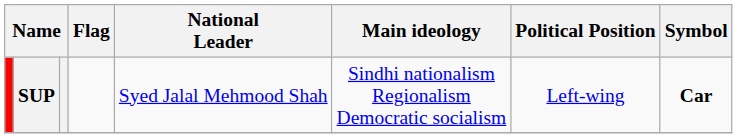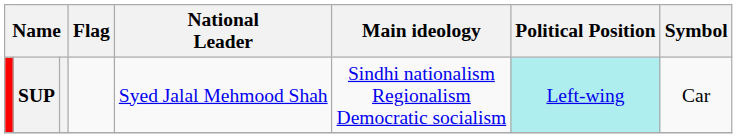 <table class="wikitable sortable">
 <tr>
 <th colspan="3">Name</th>
 <th>Flag</th>
 <th>National<br>Leader</th>
 <th>Main ideology</th>
 <th>Political Position</th>
 <th>Symbol</th>
 </tr>
 <tr>
 <th style="background:red;"></th>
 <th style="text-align:center;">SUP</th>
 <th style="text-align:center;"></th>
 <td></td>
 <td style="text-align:center;"><a href='#'>Syed Jalal Mehmood Shah</a></td>
 <td style="text-align:center;"><a href='#'>Sindhi nationalism</a><br><a href='#'>Regionalism</a><br><a href='#'>Democratic socialism</a></td>
-<td style="text-align:center;"><a href='#'>Left-wing</a></td>
-<td style="text-align:center;"><strong>Car</strong></td>
+<td style="background: paleturquoise; text-align:center;"><a href='#'>Left-wing</a></td>
+<td style="text-align:center;">Car</td>
 </tr>
 <tr>
 </tr>
 </table>
